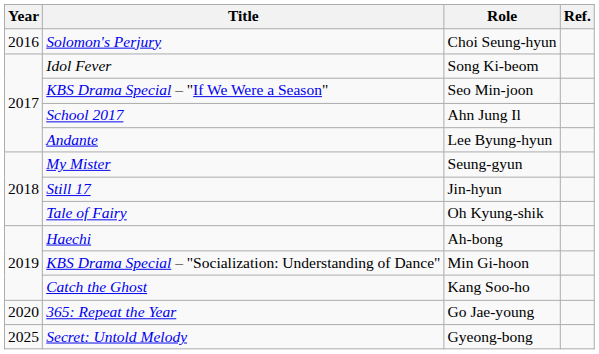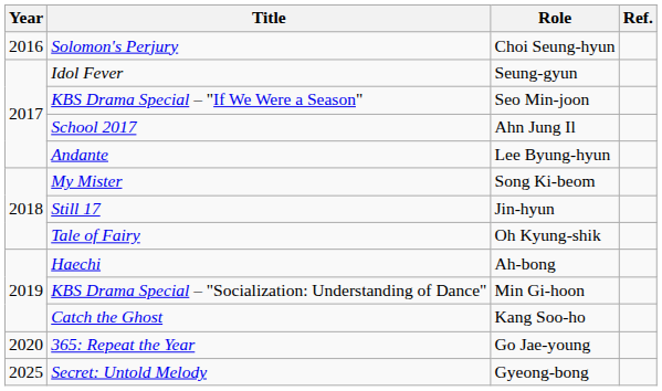 <table class="wikitable">
 <tr>
 <th>Year</th>
 <th>Title</th>
 <th>Role</th>
 <th>Ref.</th>
 </tr>
 <tr>
 <td>2016</td>
 <td><em><a href='#'>Solomon's Perjury</a></em></td>
 <td>Choi Seung-hyun</td>
 <td></td>
 </tr>
 <tr>
 <td rowspan="4">2017</td>
 <td><em>Idol Fever</em></td>
-<td>Song Ki-beom</td>
+<td>Seung-gyun</td>
 <td></td>
 </tr>
 <tr>
 <td><em><a href='#'>KBS Drama Special</a></em> – "<a href='#'>If We Were a Season</a>"</td>
 <td>Seo Min-joon</td>
 <td></td>
 </tr>
 <tr>
 <td><em><a href='#'>School 2017</a></em></td>
 <td>Ahn Jung Il</td>
 <td></td>
 </tr>
 <tr>
 <td><em><a href='#'>Andante</a></em></td>
 <td>Lee Byung-hyun</td>
 <td></td>
 </tr>
 <tr>
 <td rowspan="3">2018</td>
 <td><em><a href='#'>My Mister</a></em></td>
-<td>Seung-gyun</td>
+<td>Song Ki-beom</td>
 <td></td>
 </tr>
 <tr>
 <td><em><a href='#'>Still 17</a></em></td>
 <td>Jin-hyun</td>
 <td></td>
 </tr>
 <tr>
 <td><em><a href='#'>Tale of Fairy</a></em></td>
 <td>Oh Kyung-shik</td>
 <td></td>
 </tr>
 <tr>
 <td rowspan="3">2019</td>
 <td><em><a href='#'>Haechi</a></em></td>
 <td>Ah-bong</td>
 <td></td>
 </tr>
 <tr>
 <td><em><a href='#'>KBS Drama Special</a></em> – "Socialization: Understanding of Dance"</td>
 <td>Min Gi-hoon</td>
 <td></td>
 </tr>
 <tr>
 <td><em><a href='#'>Catch the Ghost</a></em></td>
 <td>Kang Soo-ho</td>
 <td></td>
 </tr>
 <tr>
 <td>2020</td>
 <td><em><a href='#'>365: Repeat the Year</a></em></td>
 <td>Go Jae-young</td>
 <td></td>
 </tr>
 <tr>
 <td>2025</td>
 <td><em><a href='#'>Secret: Untold Melody</a></em></td>
 <td>Gyeong-bong</td>
 <td></td>
 </tr>
 </table>
